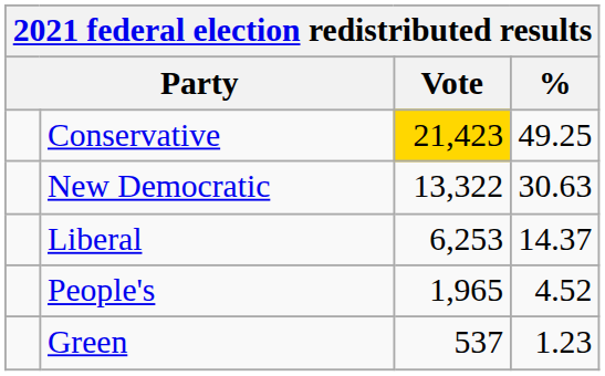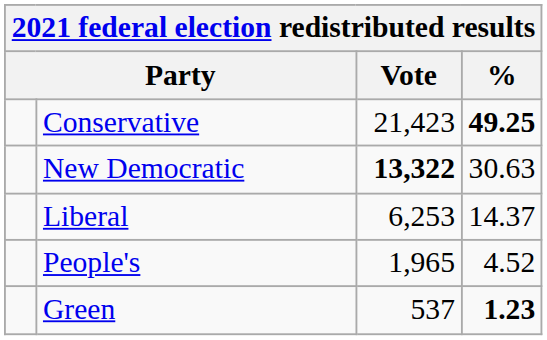 <table class="wikitable">
 <tr>
 <th colspan="4"><a href='#'>2021 federal election</a> redistributed results</th>
 </tr>
 <tr>
 <th bgcolor="#DDDDFF" width="130px" colspan="2">Party</th>
 <th bgcolor="#DDDDFF" width="50px">Vote</th>
 <th bgcolor="#DDDDFF" width="30px">%</th>
 </tr>
 <tr>
 <td> </td>
 <td><a href='#'>Conservative</a></td>
-<td align=right style="background: gold;">21,423</td>
-<td align=right>49.25</td>
+<td align=right>21,423</td>
+<td align=right><strong>49.25</strong></td>
 </tr>
 <tr>
 <td> </td>
 <td><a href='#'>New Democratic</a></td>
-<td align=right>13,322</td>
+<td align=right><strong>13,322</strong></td>
 <td align=right>30.63</td>
 </tr>
 <tr>
 <td> </td>
 <td><a href='#'>Liberal</a></td>
 <td align=right>6,253</td>
 <td align=right>14.37</td>
 </tr>
 <tr>
 <td> </td>
 <td><a href='#'>People's</a></td>
 <td align=right>1,965</td>
 <td align=right>4.52</td>
 </tr>
 <tr>
 <td> </td>
 <td><a href='#'>Green</a></td>
 <td align=right>537</td>
-<td align=right>1.23</td>
+<td align=right><strong>1.23</strong></td>
 </tr>
 </table>
